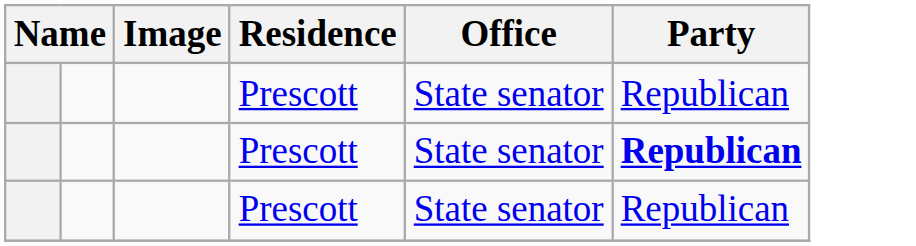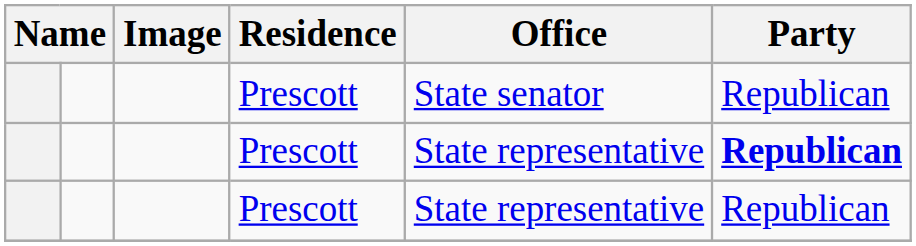 <table class="sortable wikitable">
 <tr valign=bottom>
 <th colspan="2">Name</th>
 <th>Image</th>
 <th>Residence</th>
 <th>Office</th>
 <th>Party</th>
 </tr>
 <tr>
 <th style="background-color:  "></th>
 <td></td>
 <td></td>
 <td><a href='#'>Prescott</a></td>
 <td><a href='#'>State senator</a></td>
 <td><a href='#'>Republican</a></td>
 </tr>
 <tr>
 <th style="background-color:  "></th>
 <td></td>
 <td></td>
 <td><a href='#'>Prescott</a></td>
-<td><a href='#'>State senator</a></td>
+<td><a href='#'>State representative</a></td>
 <td><strong><a href='#'>Republican</a></strong></td>
 </tr>
 <tr>
 <th style="background-color:  "></th>
 <td></td>
 <td></td>
 <td><a href='#'>Prescott</a></td>
-<td><a href='#'>State senator</a></td>
+<td><a href='#'>State representative</a></td>
 <td><a href='#'>Republican</a></td>
 </tr>
 <tr>
 </tr>
 </table>
